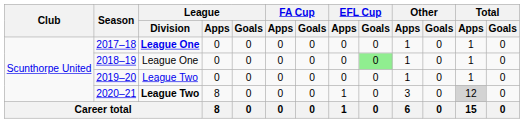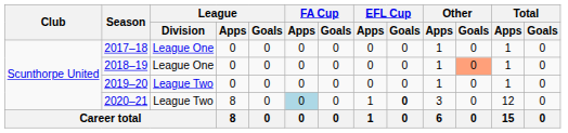 <table class=wikitable style="text-align: center">
 <tr>
 <th rowspan=2>Club</th>
 <th rowspan=2>Season</th>
 <th colspan=3>League</th>
 <th colspan=2><a href='#'>FA Cup</a></th>
 <th colspan=2><a href='#'>EFL Cup</a></th>
 <th colspan=2>Other</th>
 <th colspan=2>Total</th>
 </tr>
 <tr>
 <th>Division</th>
 <th>Apps</th>
 <th>Goals</th>
 <th>Apps</th>
 <th>Goals</th>
 <th>Apps</th>
 <th>Goals</th>
 <th>Apps</th>
 <th>Goals</th>
 <th>Apps</th>
 <th>Goals</th>
 </tr>
 <tr>
 <td rowspan=4><a href='#'>Scunthorpe United</a></td>
 <td><a href='#'>2017–18</a></td>
-<td><strong><a href='#'>League One</a></strong></td>
+<td><a href='#'>League One</a></td>
 <td>0</td>
 <td>0</td>
 <td>0</td>
 <td>0</td>
 <td>0</td>
 <td>0</td>
 <td>1</td>
 <td>0</td>
 <td>1</td>
 <td>0</td>
 </tr>
 <tr>
 <td><a href='#'>2018–19</a></td>
 <td>League One</td>
 <td>0</td>
 <td>0</td>
 <td>0</td>
 <td>0</td>
 <td>0</td>
-<td style="background: lightgreen;">0</td>
+<td>0</td>
 <td>1</td>
-<td>0</td>
+<td style="background: lightsalmon;">0</td>
 <td>1</td>
 <td>0</td>
 </tr>
 <tr>
 <td><a href='#'>2019–20</a></td>
 <td><a href='#'>League Two</a></td>
 <td>0</td>
 <td>0</td>
 <td>0</td>
 <td>0</td>
 <td>0</td>
 <td>0</td>
 <td>1</td>
 <td>0</td>
 <td>1</td>
 <td>0</td>
 </tr>
 <tr>
 <td><a href='#'>2020–21</a></td>
-<td><strong>League Two</strong></td>
+<td>League Two</td>
 <td>8</td>
 <td>0</td>
-<td>0</td>
+<td style="background: lightblue;">0</td>
 <td>0</td>
 <td>1</td>
-<td>0</td>
+<td><strong>0</strong></td>
 <td>3</td>
 <td>0</td>
-<td style="background: lightgrey;">12</td>
+<td>12</td>
 <td>0</td>
 </tr>
 <tr>
 <th colspan=3>Career total</th>
 <th>8</th>
 <th>0</th>
 <th>0</th>
 <th>0</th>
 <th>1</th>
 <th>0</th>
 <th>6</th>
 <th>0</th>
 <th>15</th>
 <th>0</th>
 </tr>
 </table>
